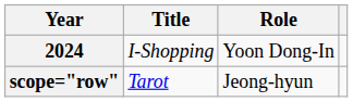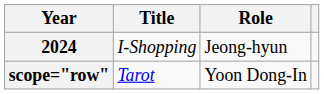 <table class="wikitable plainrowheaders">
 <tr>
 <th scope="col">Year</th>
 <th scope="col">Title</th>
 <th scope="col">Role</th>
 <th scope="col"></th>
 </tr>
 <tr>
 <th scope="row">2024</th>
 <td><em>I-Shopping</em></td>
-<td>Yoon Dong-In</td>
+<td>Jeong-hyun</td>
 <td style="text-align:center"></td>
 </tr>
 <tr>
 <th>scope="row" </th>
 <td><em><a href='#'>Tarot</a></em></td>
-<td>Jeong-hyun</td>
+<td>Yoon Dong-In</td>
 <td style="text-align:center"></td>
 </tr>
 </table>
